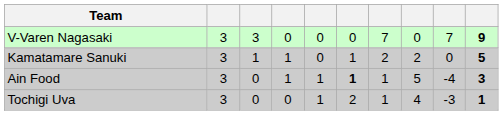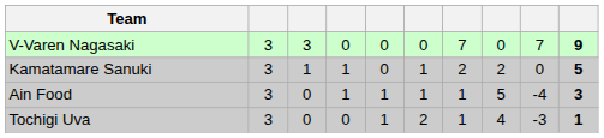 <table class="wikitable" style="text-align: center">
 <tr style="line-height:1.25em">
 <th style="width:15em">Team</th>
 <th style="width:2em"><br></th>
 <th style="width:2em"><br></th>
 <th style="width:2em"><br></th>
 <th style="width:2em"><br></th>
 <th style="width:2em"><br></th>
 <th style="width:2em"><br></th>
 <th style="width:2em"><br></th>
 <th style="width:2em"><br></th>
 <th style="width:2em"><br></th>
 </tr>
 <tr bgcolor="#ccffcc">
 <td align="left">V-Varen Nagasaki</td>
 <td>3</td>
 <td>3</td>
 <td>0</td>
 <td>0</td>
 <td>0</td>
 <td>7</td>
 <td>0</td>
 <td>7</td>
 <td><strong>9</strong></td>
 </tr>
 <tr bgcolor="#cccccc">
 <td align="left">Kamatamare Sanuki</td>
 <td>3</td>
 <td>1</td>
 <td>1</td>
 <td>0</td>
 <td>1</td>
 <td>2</td>
 <td>2</td>
 <td>0</td>
 <td><strong>5</strong></td>
 </tr>
 <tr bgcolor="#cccccc">
 <td align="left">Ain Food</td>
 <td>3</td>
 <td>0</td>
 <td>1</td>
 <td>1</td>
-<td><strong>1</strong></td>
+<td>1</td>
 <td>1</td>
 <td>5</td>
 <td>-4</td>
 <td><strong>3</strong></td>
 </tr>
 <tr bgcolor="#cccccc">
 <td align="left">Tochigi Uva</td>
 <td>3</td>
 <td>0</td>
 <td>0</td>
 <td>1</td>
 <td>2</td>
 <td>1</td>
 <td>4</td>
 <td>-3</td>
 <td><strong>1</strong></td>
 </tr>
 </table>
